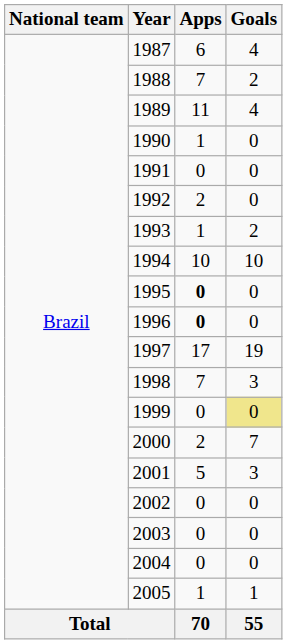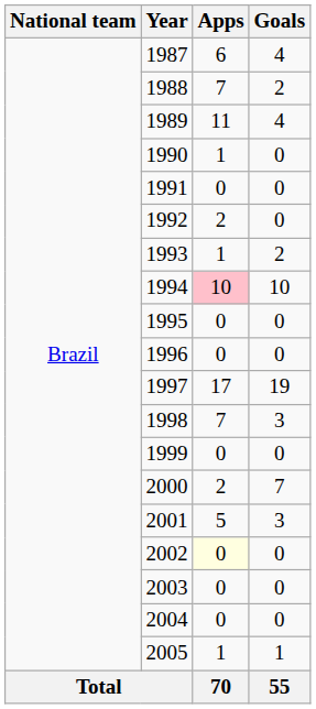 <table class="wikitable" style="text-align:center">
 <tr>
 <th>National team</th>
 <th>Year</th>
 <th>Apps</th>
 <th>Goals</th>
 </tr>
 <tr>
 <td rowspan="19"><a href='#'>Brazil</a></td>
 <td>1987</td>
 <td>6</td>
 <td>4</td>
 </tr>
 <tr>
 <td>1988</td>
 <td>7</td>
 <td>2</td>
 </tr>
 <tr>
 <td>1989</td>
 <td>11</td>
 <td>4</td>
 </tr>
 <tr>
 <td>1990</td>
 <td>1</td>
 <td>0</td>
 </tr>
 <tr>
 <td>1991</td>
 <td>0</td>
 <td>0</td>
 </tr>
 <tr>
 <td>1992</td>
 <td>2</td>
 <td>0</td>
 </tr>
 <tr>
 <td>1993</td>
 <td>1</td>
 <td>2</td>
 </tr>
 <tr>
 <td>1994</td>
-<td>10</td>
+<td style="background: pink;">10</td>
 <td>10</td>
 </tr>
 <tr>
 <td>1995</td>
-<td><strong>0</strong></td>
+<td>0</td>
 <td>0</td>
 </tr>
 <tr>
 <td>1996</td>
-<td><strong>0</strong></td>
+<td>0</td>
 <td>0</td>
 </tr>
 <tr>
 <td>1997</td>
 <td>17</td>
 <td>19</td>
 </tr>
 <tr>
 <td>1998</td>
 <td>7</td>
 <td>3</td>
 </tr>
 <tr>
 <td>1999</td>
 <td>0</td>
-<td style="background: khaki;">0</td>
+<td>0</td>
 </tr>
 <tr>
 <td>2000</td>
 <td>2</td>
 <td>7</td>
 </tr>
 <tr>
 <td>2001</td>
 <td>5</td>
 <td>3</td>
 </tr>
 <tr>
 <td>2002</td>
-<td>0</td>
+<td style="background: lightyellow;">0</td>
 <td>0</td>
 </tr>
 <tr>
 <td>2003</td>
 <td>0</td>
 <td>0</td>
 </tr>
 <tr>
 <td>2004</td>
 <td>0</td>
 <td>0</td>
 </tr>
 <tr>
 <td>2005</td>
 <td>1</td>
 <td>1</td>
 </tr>
 <tr>
 <th colspan="2">Total</th>
 <th>70</th>
 <th>55</th>
 </tr>
 </table>
